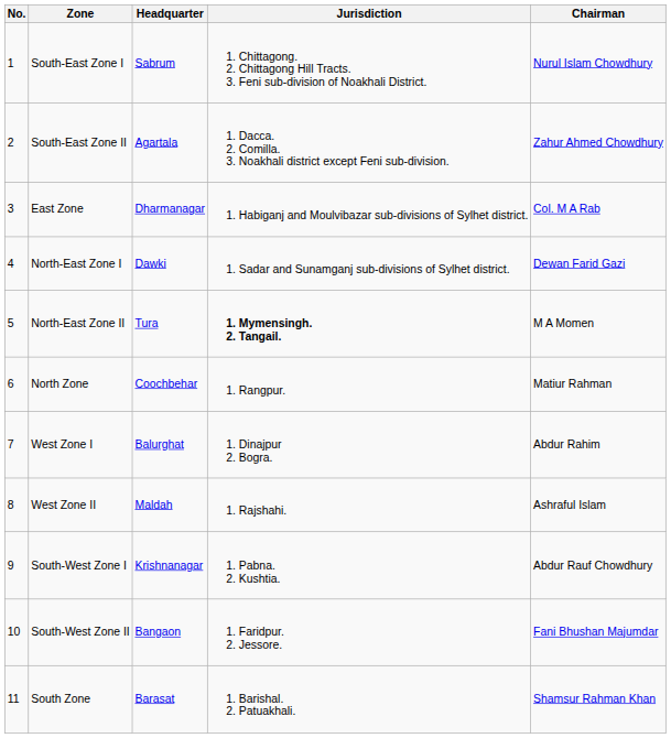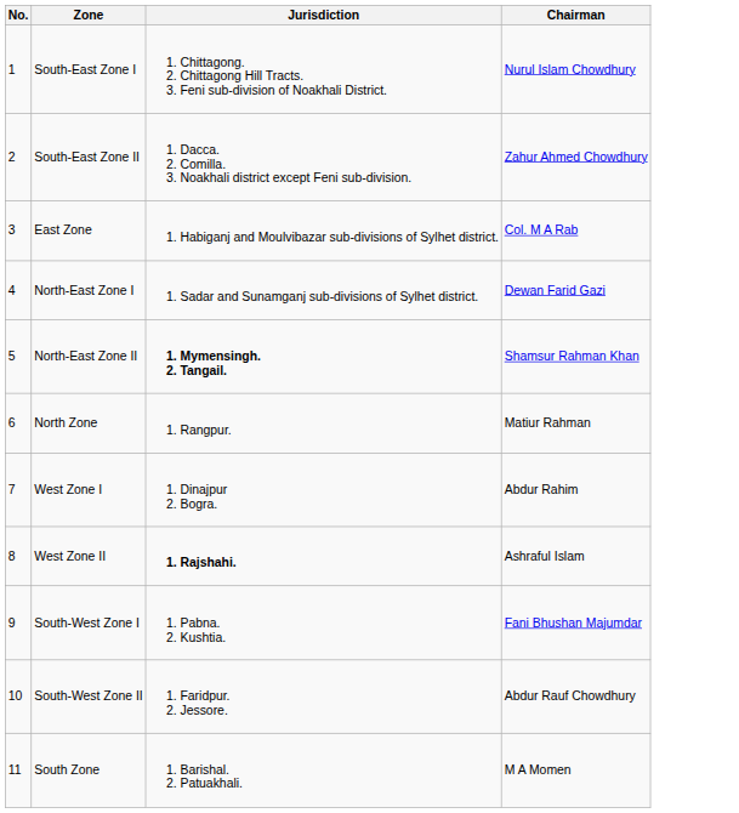 <table class="wikitable">
 <tr>
 <th>No.</th>
 <th>Zone</th>
-<th>Headquarter</th>
 <th>Jurisdiction</th>
 <th>Chairman</th>
 </tr>
 <tr>
 <td>1</td>
 <td>South-East Zone I</td>
-<td><a href='#'>Sabrum</a></td>
 <td><br><ol><li>Chittagong.</li><li>Chittagong Hill Tracts.</li><li>Feni sub-division of Noakhali District.</li></ol></td>
 <td><a href='#'>Nurul Islam Chowdhury</a></td>
 </tr>
 <tr>
 <td>2</td>
 <td>South-East Zone II</td>
-<td><a href='#'>Agartala</a></td>
 <td><br><ol><li>Dacca.</li><li>Comilla.</li><li>Noakhali district except Feni sub-division.</li></ol></td>
 <td><a href='#'>Zahur Ahmed Chowdhury</a></td>
 </tr>
 <tr>
 <td>3</td>
 <td>East Zone</td>
-<td><a href='#'>Dharmanagar</a></td>
 <td><br><ol><li>Habiganj and Moulvibazar sub-divisions of Sylhet district.</li></ol></td>
 <td><a href='#'>Col. M A Rab</a></td>
 </tr>
 <tr>
 <td>4</td>
 <td>North-East Zone I</td>
-<td><a href='#'>Dawki</a></td>
 <td><br><ol><li>Sadar and Sunamganj sub-divisions of Sylhet district.</li></ol></td>
 <td><a href='#'>Dewan Farid Gazi</a></td>
 </tr>
 <tr>
 <td>5</td>
 <td>North-East Zone II</td>
-<td><a href='#'>Tura</a></td>
 <td><strong><br><ol><li>Mymensingh.</li><li>Tangail.</li></ol></strong></td>
-<td>M A Momen</td>
+<td><a href='#'>Shamsur Rahman Khan</a></td>
 </tr>
 <tr>
 <td>6</td>
 <td>North Zone</td>
-<td><a href='#'>Coochbehar</a></td>
 <td><br><ol><li>Rangpur.</li></ol></td>
 <td>Matiur Rahman</td>
 </tr>
 <tr>
 <td>7</td>
 <td>West Zone I</td>
-<td><a href='#'>Balurghat</a></td>
 <td><br><ol><li>Dinajpur</li><li>Bogra.</li></ol></td>
 <td>Abdur Rahim</td>
 </tr>
 <tr>
 <td>8</td>
 <td>West Zone II</td>
-<td><a href='#'>Maldah</a></td>
-<td><br><ol><li>Rajshahi.</li></ol></td>
+<td><strong><br><ol><li>Rajshahi.</li></ol></strong></td>
 <td>Ashraful Islam</td>
 </tr>
 <tr>
 <td>9</td>
 <td>South-West Zone I</td>
-<td><a href='#'>Krishnanagar</a></td>
 <td><br><ol><li>Pabna.</li><li>Kushtia.</li></ol></td>
-<td>Abdur Rauf Chowdhury</td>
+<td><a href='#'>Fani Bhushan Majumdar</a></td>
 </tr>
 <tr>
 <td>10</td>
 <td>South-West Zone II</td>
-<td><a href='#'>Bangaon</a></td>
 <td><br><ol><li>Faridpur.</li><li>Jessore.</li></ol></td>
-<td><a href='#'>Fani Bhushan Majumdar</a></td>
+<td>Abdur Rauf Chowdhury</td>
 </tr>
 <tr>
 <td>11</td>
 <td>South Zone</td>
-<td><a href='#'>Barasat</a></td>
 <td><br><ol><li>Barishal.</li><li>Patuakhali.</li></ol></td>
-<td><a href='#'>Shamsur Rahman Khan</a></td>
+<td>M A Momen</td>
 </tr>
 </table>
